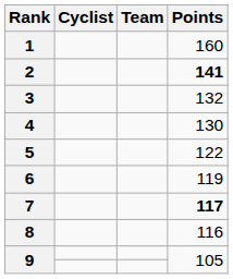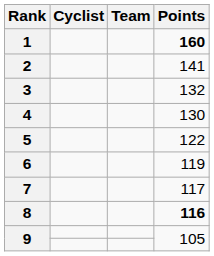 <table class=wikitable>
 <tr>
 <th scope="col">Rank</th>
 <th scope="col">Cyclist</th>
 <th scope="col">Team</th>
 <th scope="col">Points</th>
 </tr>
 <tr>
 <th scope="row">1</th>
 <td></td>
 <td></td>
-<td style="text-align:right;">160</td>
+<td style="text-align:right;"><strong>160</strong></td>
 </tr>
 <tr>
 <th scope="row">2</th>
 <td></td>
 <td></td>
-<td style="text-align:right;"><strong>141</strong></td>
+<td style="text-align:right;">141</td>
 </tr>
 <tr>
 <th scope="row">3</th>
 <td></td>
 <td></td>
 <td style="text-align:right;">132</td>
 </tr>
 <tr>
 <th scope="row">4</th>
 <td></td>
 <td></td>
 <td style="text-align:right;">130</td>
 </tr>
 <tr>
 <th scope="row">5</th>
 <td></td>
 <td></td>
 <td style="text-align:right;">122</td>
 </tr>
 <tr>
 <th scope="row">6</th>
 <td></td>
 <td></td>
 <td style="text-align:right;">119</td>
 </tr>
 <tr>
 <th scope="row">7</th>
 <td></td>
 <td></td>
-<td style="text-align:right;"><strong>117</strong></td>
+<td style="text-align:right;">117</td>
 </tr>
 <tr>
 <th scope="row">8</th>
 <td></td>
 <td></td>
-<td style="text-align:right;">116</td>
+<td style="text-align:right;"><strong>116</strong></td>
 </tr>
 <tr>
 <th scope="row" rowspan="2">9</th>
 <td></td>
 <td></td>
 <td style="text-align:right;" rowspan="2">105</td>
 </tr>
 <tr>
 <td></td>
 <td></td>
 </tr>
 </table>
